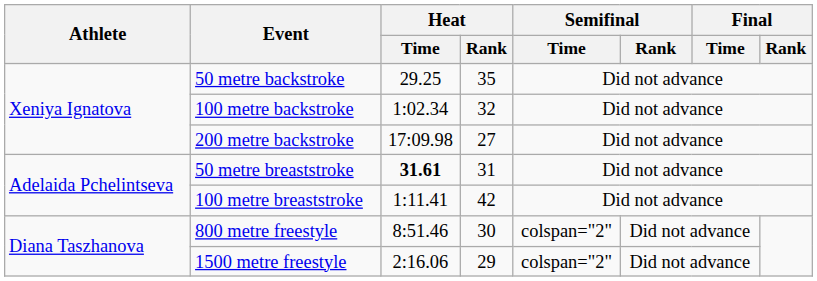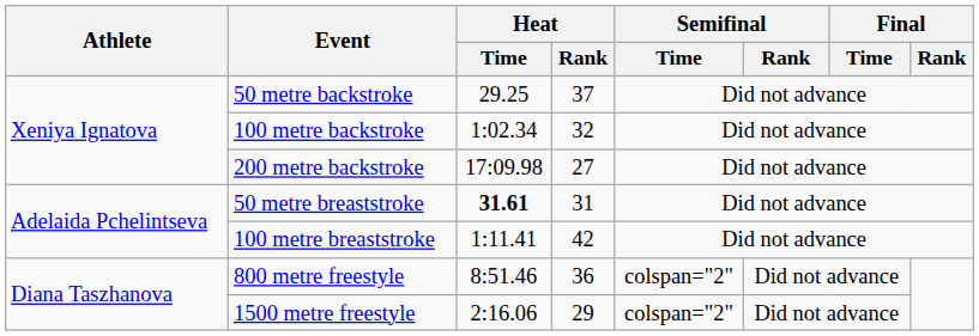 <table class="wikitable" style="text-align:center; font-size:90%; width:50%;">
 <tr>
 <th rowspan="2">Athlete</th>
 <th rowspan="2">Event</th>
 <th colspan="2">Heat</th>
 <th colspan="2">Semifinal</th>
 <th colspan="2">Final</th>
 </tr>
 <tr style="font-size:95%">
 <th>Time</th>
 <th>Rank</th>
 <th>Time</th>
 <th>Rank</th>
 <th>Time</th>
 <th>Rank</th>
 </tr>
 <tr align=center>
 <td align=left rowspan=3><a href='#'>Xeniya Ignatova</a></td>
 <td align=left><a href='#'>50 metre backstroke</a></td>
 <td>29.25</td>
-<td>35</td>
+<td>37</td>
 <td colspan=4>Did not advance</td>
 </tr>
 <tr align=center>
 <td align=left><a href='#'>100 metre backstroke</a></td>
 <td>1:02.34</td>
 <td>32</td>
 <td colspan=4>Did not advance</td>
 </tr>
 <tr align=center>
 <td align=left><a href='#'>200 metre backstroke</a></td>
 <td>17:09.98</td>
 <td>27</td>
 <td colspan=4>Did not advance</td>
 </tr>
 <tr>
 <td align=left rowspan=2><a href='#'>Adelaida Pchelintseva</a></td>
 <td align=left><a href='#'>50 metre breaststroke</a></td>
 <td><strong>31.61</strong></td>
 <td>31</td>
 <td colspan=4>Did not advance</td>
 </tr>
 <tr>
 <td align=left><a href='#'>100 metre breaststroke</a></td>
 <td>1:11.41</td>
 <td>42</td>
 <td colspan=4>Did not advance</td>
 </tr>
 <tr>
 <td align=left rowspan=2><a href='#'>Diana Taszhanova</a></td>
 <td align=left><a href='#'>800 metre freestyle</a></td>
 <td>8:51.46</td>
-<td>30</td>
+<td>36</td>
 <td>colspan="2" </td>
 <td colspan="2">Did not advance</td>
 </tr>
 <tr>
 <td align=left><a href='#'>1500 metre freestyle</a></td>
 <td>2:16.06</td>
 <td>29</td>
 <td>colspan="2" </td>
 <td colspan="2">Did not advance</td>
 </tr>
 </table>
